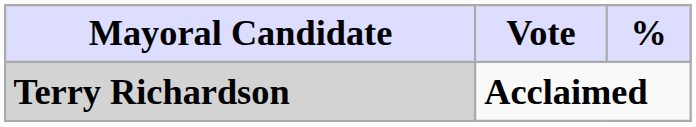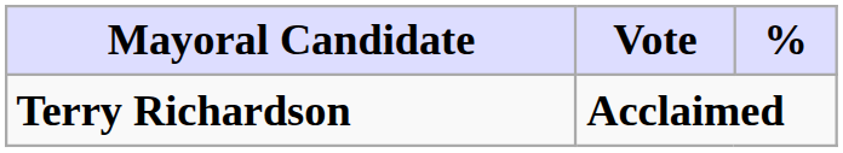 <table class="wikitable">
 <tr>
 <th style="background:#ddf; width:200px;">Mayoral Candidate</th>
 <th style="background:#ddf; width:50px;">Vote</th>
 <th style="background:#ddf; width:30px;">%</th>
 </tr>
 <tr>
-<td style="background: lightgrey;"><strong>Terry Richardson</strong></td>
+<td><strong>Terry Richardson</strong></td>
 <td colspan="2"><strong>Acclaimed</strong></td>
 </tr>
 </table>
